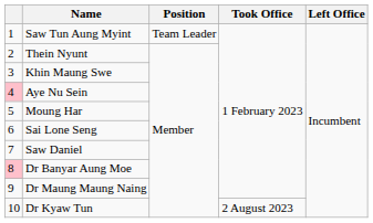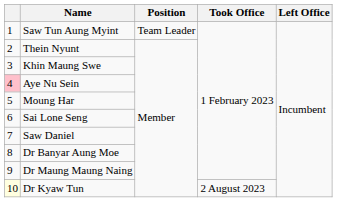 <table class="wikitable">
 <tr>
 <th></th>
 <th>Name</th>
 <th>Position</th>
 <th>Took Office</th>
 <th>Left Office</th>
 </tr>
 <tr>
 <td>1</td>
 <td>Saw Tun Aung Myint</td>
 <td>Team Leader</td>
 <td rowspan="9">1 February 2023</td>
 <td rowspan="10">Incumbent</td>
 </tr>
 <tr>
 <td>2</td>
 <td>Thein Nyunt</td>
 <td rowspan="9">Member</td>
 </tr>
 <tr>
 <td>3</td>
 <td>Khin Maung Swe</td>
 </tr>
 <tr>
 <td style="background: pink;">4</td>
 <td>Aye Nu Sein</td>
 </tr>
 <tr>
 <td>5</td>
 <td>Moung Har</td>
 </tr>
 <tr>
 <td>6</td>
 <td>Sai Lone Seng</td>
 </tr>
 <tr>
 <td>7</td>
 <td>Saw Daniel</td>
 </tr>
 <tr>
-<td style="background: pink;">8</td>
+<td>8</td>
 <td>Dr Banyar Aung Moe</td>
 </tr>
 <tr>
 <td>9</td>
 <td>Dr Maung Maung Naing</td>
 </tr>
 <tr>
-<td>10</td>
+<td style="background: lightyellow;">10</td>
 <td>Dr Kyaw Tun</td>
 <td>2 August 2023</td>
 </tr>
 </table>
